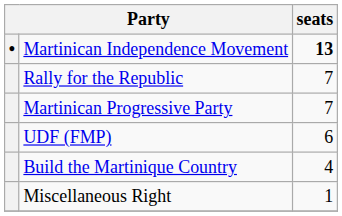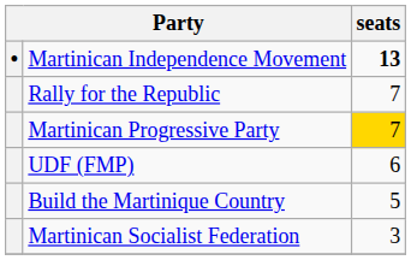 <table class="wikitable" style="font-size: 95%;">
 <tr>
 <th colspan=2>Party</th>
 <th>seats</th>
 </tr>
 <tr>
 <th style="background-color: "><span>•</span></th>
 <td><a href='#'>Martinican Independence Movement</a></td>
 <td align="right"><strong>13</strong></td>
 </tr>
 <tr>
 <th style="background-color: "></th>
 <td><a href='#'>Rally for the Republic</a></td>
 <td align="right">7</td>
 </tr>
 <tr>
 <th style="background-color: "></th>
 <td><a href='#'>Martinican Progressive Party</a></td>
-<td align="right">7</td>
+<td align="right" style="background: gold;">7</td>
 </tr>
 <tr>
 <th style="background-color: "></th>
 <td><a href='#'>UDF (FMP)</a></td>
 <td align="right">6</td>
 </tr>
 <tr>
 <th style="background-color: "></th>
 <td><a href='#'>Build the Martinique Country</a></td>
-<td align="right">4</td>
+<td align="right">5</td>
 </tr>
 <tr>
 <th style="background-color: "></th>
-<td>Miscellaneous Right</td>
-<td align="right">1</td>
+<td><a href='#'>Martinican Socialist Federation</a></td>
+<td align="right">3</td>
 </tr>
 <tr>
 </tr>
 </table>
